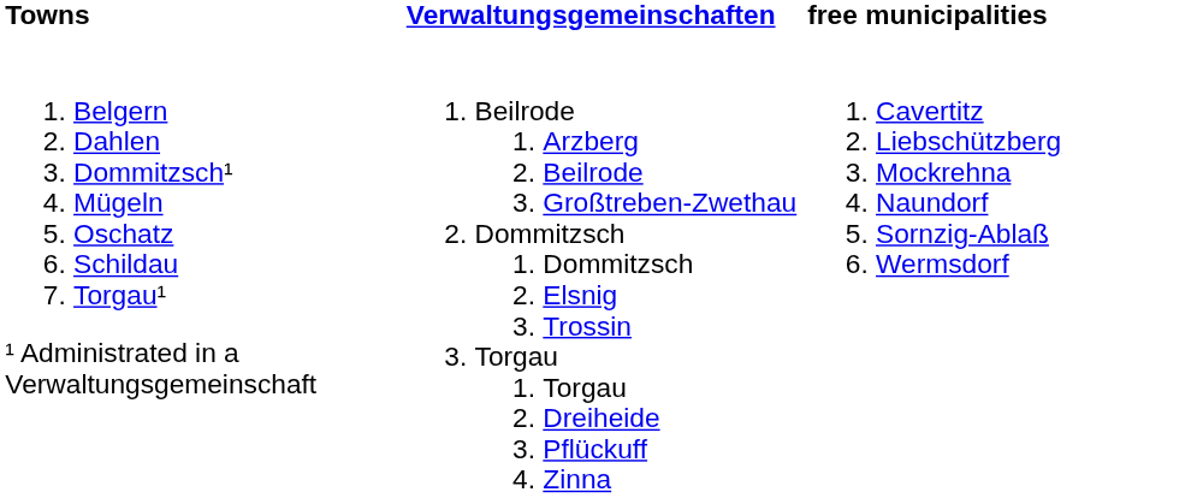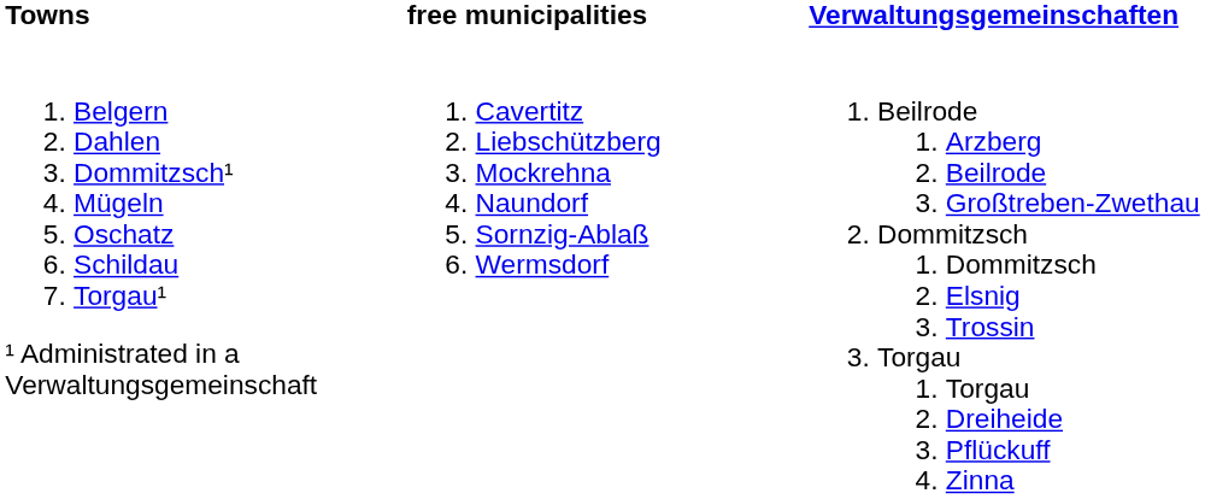 <table>
 <tr>
 <th align=left width=33%>Towns</th>
+<th align=left width=33%>free municipalities</th>
 <th align=left width=33%><a href='#'>Verwaltungsgemeinschaften</a></th>
-<th align=left width=33%>free municipalities</th>
 </tr>
 <tr valign=top>
 <td><br><ol><li><a href='#'>Belgern</a></li><li><a href='#'>Dahlen</a></li><li><a href='#'>Dommitzsch</a>¹</li><li><a href='#'>Mügeln</a></li><li><a href='#'>Oschatz</a></li><li><a href='#'>Schildau</a></li><li><a href='#'>Torgau</a>¹</li></ol>¹ Administrated in a<br> Verwaltungsgemeinschaft</td>
+<td><br><ol><li><a href='#'>Cavertitz</a></li><li><a href='#'>Liebschützberg</a></li><li><a href='#'>Mockrehna</a></li><li><a href='#'>Naundorf</a></li><li><a href='#'>Sornzig-Ablaß</a></li><li><a href='#'>Wermsdorf</a></li></ol></td>
 <td><br><ol><li>Beilrode<ol><li><a href='#'>Arzberg</a></li><li><a href='#'>Beilrode</a></li><li><a href='#'>Großtreben-Zwethau</a></li></ol></li><li>Dommitzsch<ol><li>Dommitzsch</li><li><a href='#'>Elsnig</a></li><li><a href='#'>Trossin</a></li></ol></li><li>Torgau<ol><li>Torgau</li><li><a href='#'>Dreiheide</a></li><li><a href='#'>Pflückuff</a></li><li><a href='#'>Zinna</a></li></ol></li></ol></td>
-<td><br><ol><li><a href='#'>Cavertitz</a></li><li><a href='#'>Liebschützberg</a></li><li><a href='#'>Mockrehna</a></li><li><a href='#'>Naundorf</a></li><li><a href='#'>Sornzig-Ablaß</a></li><li><a href='#'>Wermsdorf</a></li></ol></td>
 </tr>
 </table>
